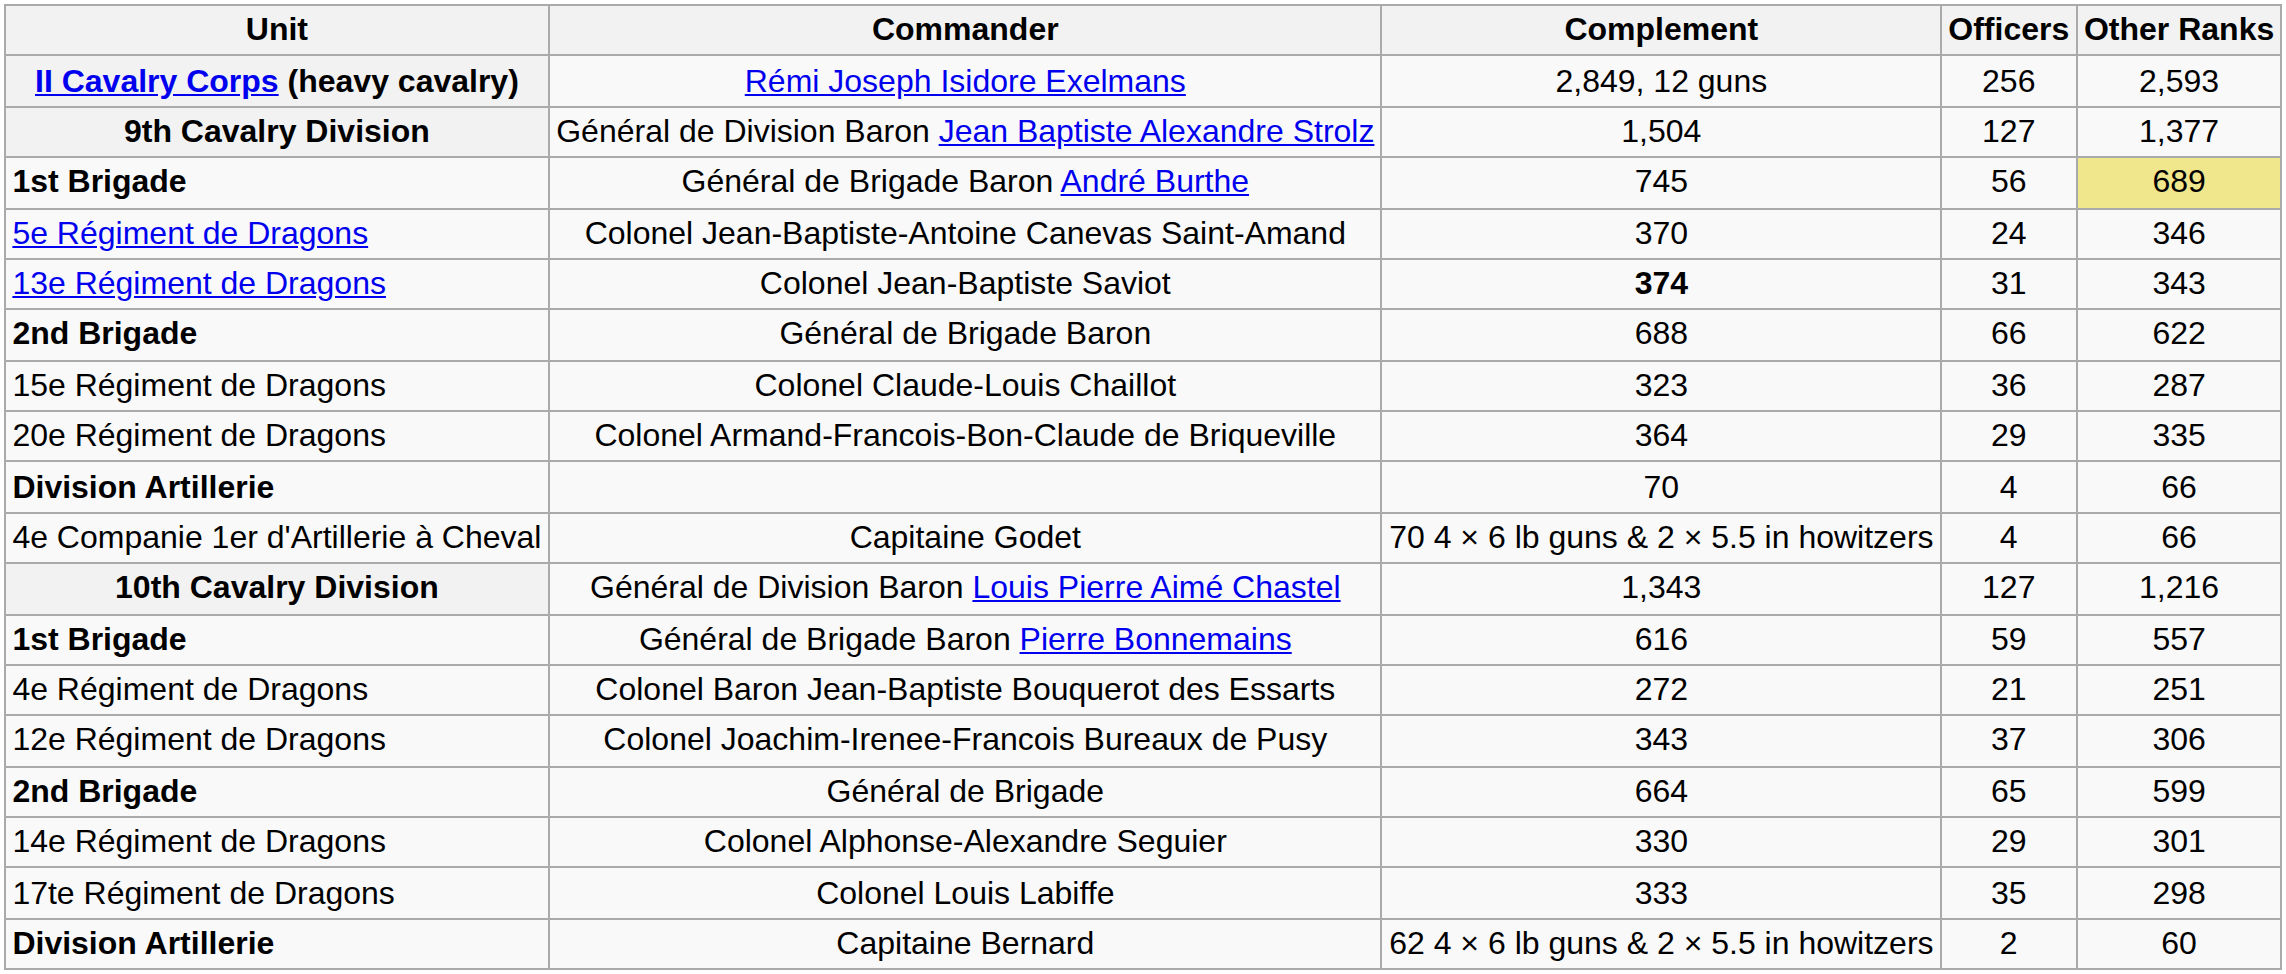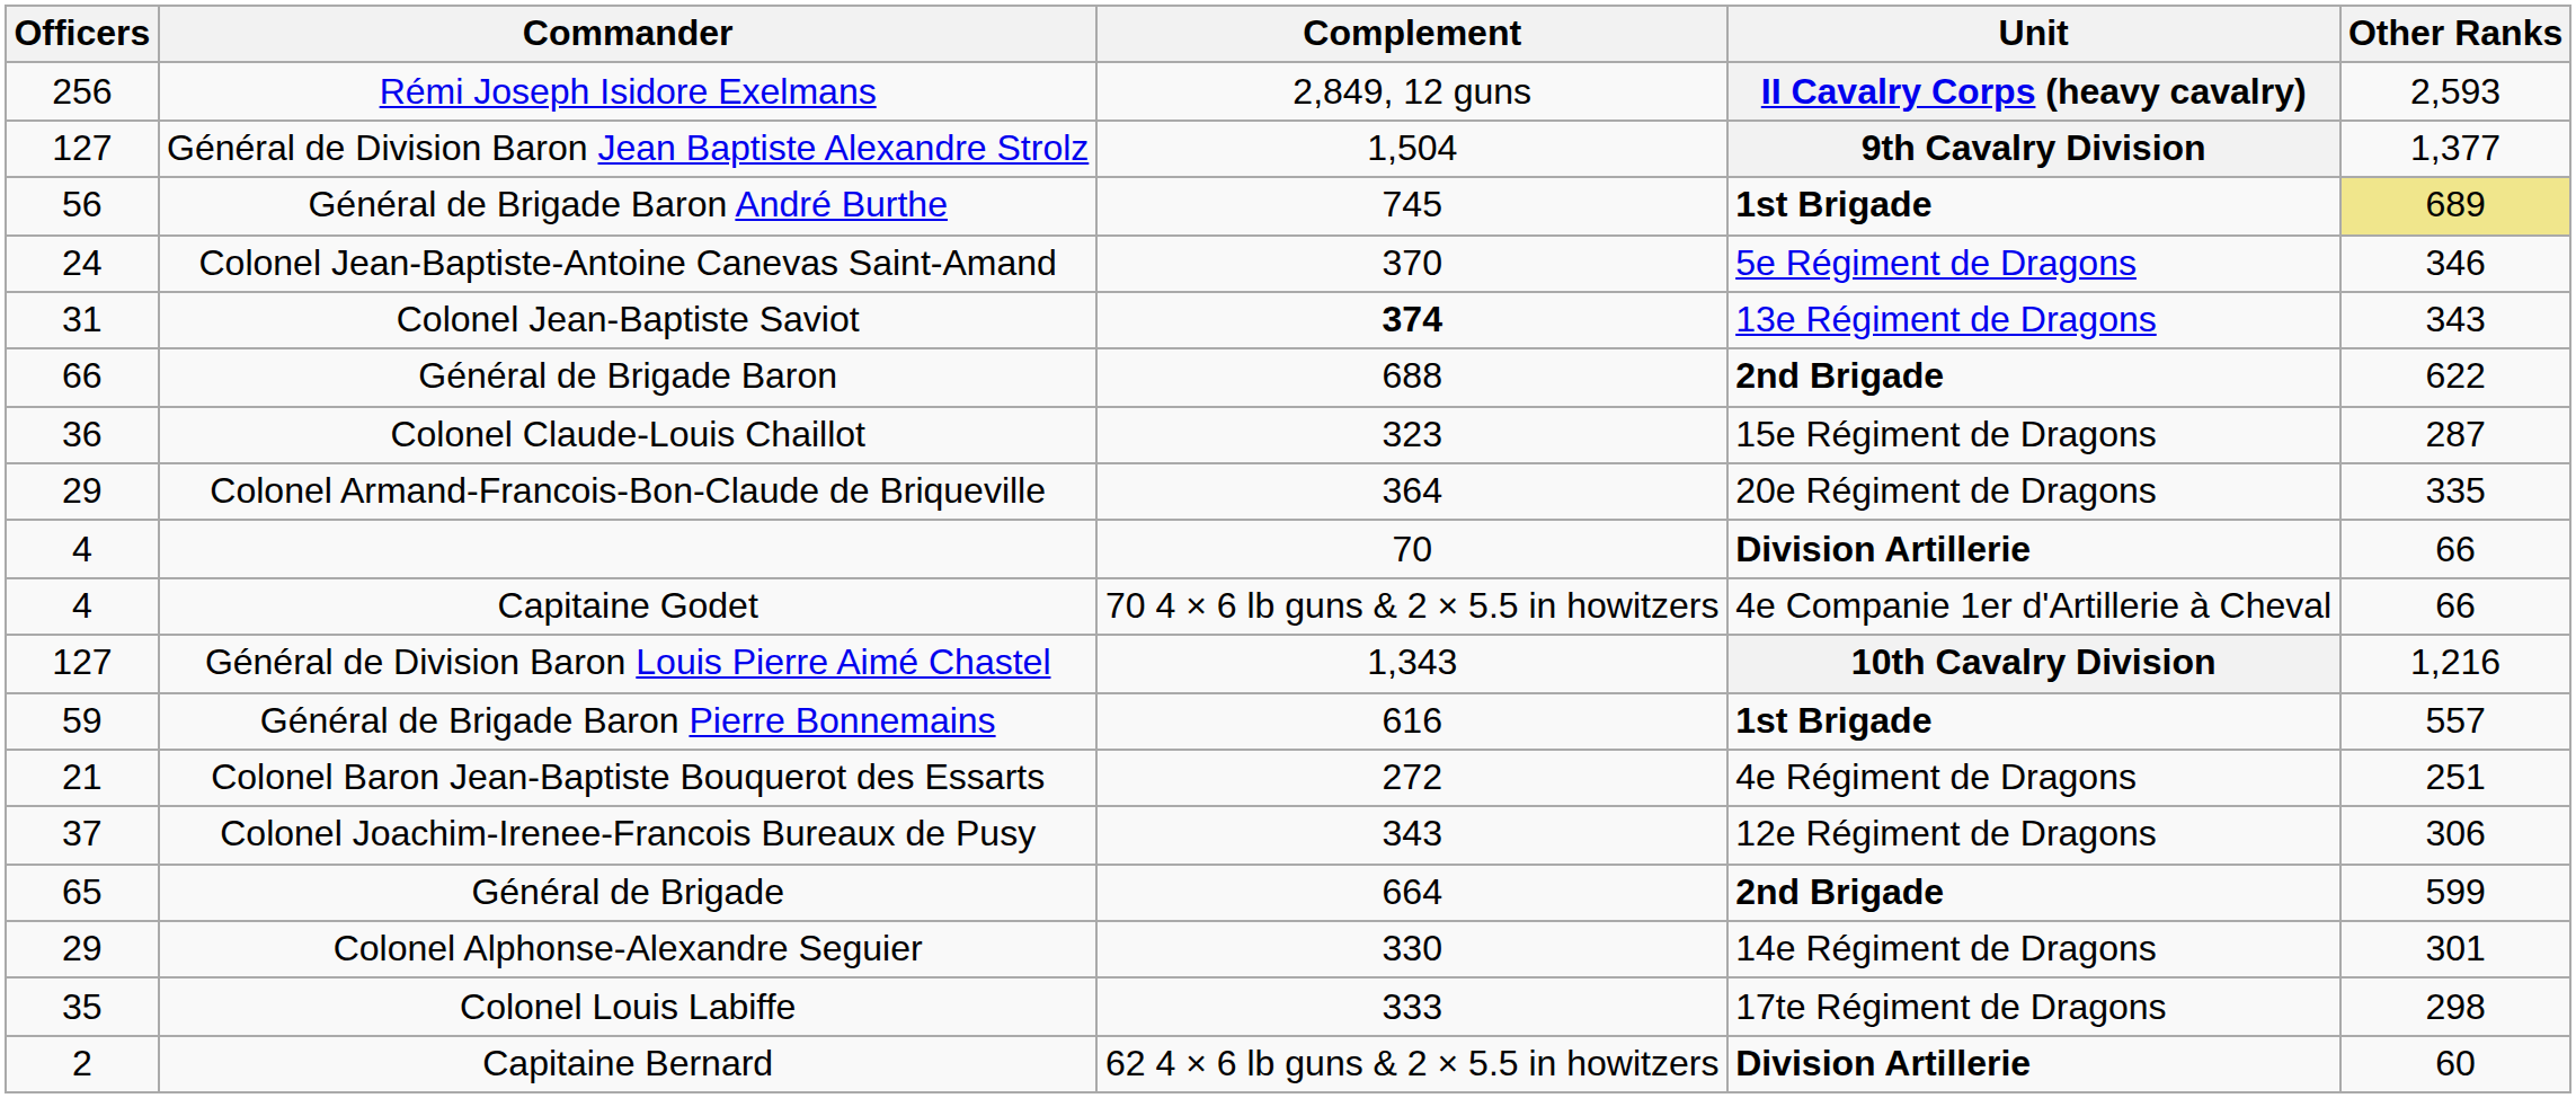 <table class="wikitable">
 <tr>
-<th>Unit</th>
+<th>Officers</th>
 <th>Commander</th>
 <th>Complement</th>
-<th>Officers</th>
+<th>Unit</th>
 <th>Other Ranks</th>
 </tr>
 <tr>
-<th colspan="1" bgcolor="#f9f9f9;"><a href='#'>II Cavalry Corps</a> (heavy cavalry)</th>
+<td align="center">256</td>
 <td align="center"><a href='#'>Rémi Joseph Isidore Exelmans</a></td>
 <td align="center">2,849, 12 guns</td>
-<td align="center">256</td>
+<th colspan="1" bgcolor="#f9f9f9;"><a href='#'>II Cavalry Corps</a> (heavy cavalry)</th>
 <td align="center">2,593</td>
 </tr>
 <tr>
-<th colspan="1" bgcolor="#f9f9f9;">9th Cavalry Division</th>
+<td align="center">127</td>
 <td align="center">Général de Division Baron <a href='#'>Jean Baptiste Alexandre Strolz</a></td>
 <td align="center">1,504</td>
-<td align="center">127</td>
+<th colspan="1" bgcolor="#f9f9f9;">9th Cavalry Division</th>
 <td align="center">1,377</td>
 </tr>
 <tr>
-<td><strong>1st Brigade</strong></td>
+<td align="center">56</td>
 <td align="center">Général de Brigade Baron <a href='#'>André Burthe</a></td>
 <td align="center">745</td>
-<td align="center">56</td>
+<td><strong>1st Brigade</strong></td>
 <td align="center" style="background: khaki;">689</td>
 </tr>
 <tr>
-<td><a href='#'>5e Régiment de Dragons</a></td>
+<td align="center">24</td>
 <td align="center">Colonel Jean-Baptiste-Antoine Canevas Saint-Amand</td>
 <td align="center">370</td>
-<td align="center">24</td>
+<td><a href='#'>5e Régiment de Dragons</a></td>
 <td align="center">346</td>
 </tr>
 <tr>
-<td><a href='#'>13e Régiment de Dragons</a></td>
+<td align="center">31</td>
 <td align="center">Colonel Jean-Baptiste Saviot</td>
 <td align="center"><strong>374</strong></td>
-<td align="center">31</td>
+<td><a href='#'>13e Régiment de Dragons</a></td>
 <td align="center">343</td>
 </tr>
 <tr>
-<td><strong>2nd Brigade</strong></td>
+<td align="center">66</td>
 <td align="center">Général de Brigade Baron </td>
 <td align="center">688</td>
-<td align="center">66</td>
+<td><strong>2nd Brigade</strong></td>
 <td align="center">622</td>
 </tr>
 <tr>
-<td>15e Régiment de Dragons</td>
+<td align="center">36</td>
 <td align="center">Colonel Claude-Louis Chaillot</td>
 <td align="center">323</td>
-<td align="center">36</td>
+<td>15e Régiment de Dragons</td>
 <td align="center">287</td>
 </tr>
 <tr>
-<td>20e Régiment de Dragons</td>
+<td align="center">29</td>
 <td align="center">Colonel Armand-Francois-Bon-Claude de Briqueville</td>
 <td align="center">364</td>
-<td align="center">29</td>
+<td>20e Régiment de Dragons</td>
 <td align="center">335</td>
 </tr>
 <tr>
-<td><strong>Division Artillerie</strong></td>
+<td align="center">4</td>
 <td align="center"></td>
 <td align="center">70</td>
-<td align="center">4</td>
+<td><strong>Division Artillerie</strong></td>
 <td align="center">66</td>
 </tr>
 <tr>
-<td>4e Companie 1er d'Artillerie à Cheval</td>
+<td align="center">4</td>
 <td align="center">Capitaine Godet</td>
 <td align="center">70 4 × 6 lb guns & 2 × 5.5 in howitzers</td>
-<td align="center">4</td>
+<td>4e Companie 1er d'Artillerie à Cheval</td>
 <td align="center">66</td>
 </tr>
 <tr>
-<th colspan="1" bgcolor="#f9f9f9;">10th Cavalry Division</th>
+<td align="center">127</td>
 <td align="center">Général de Division Baron <a href='#'>Louis Pierre Aimé Chastel</a></td>
 <td align="center">1,343</td>
-<td align="center">127</td>
+<th colspan="1" bgcolor="#f9f9f9;">10th Cavalry Division</th>
 <td align="center">1,216</td>
 </tr>
 <tr>
-<td><strong>1st Brigade</strong></td>
+<td align="center">59</td>
 <td align="center">Général de Brigade Baron <a href='#'>Pierre Bonnemains</a></td>
 <td align="center">616</td>
-<td align="center">59</td>
+<td><strong>1st Brigade</strong></td>
 <td align="center">557</td>
 </tr>
 <tr>
-<td>4e Régiment de Dragons</td>
+<td align="center">21</td>
 <td align="center">Colonel Baron Jean-Baptiste Bouquerot des Essarts</td>
 <td align="center">272</td>
-<td align="center">21</td>
+<td>4e Régiment de Dragons</td>
 <td align="center">251</td>
 </tr>
 <tr>
-<td>12e Régiment de Dragons</td>
+<td align="center">37</td>
 <td align="center">Colonel Joachim-Irenee-Francois Bureaux de Pusy</td>
 <td align="center">343</td>
-<td align="center">37</td>
+<td>12e Régiment de Dragons</td>
 <td align="center">306</td>
 </tr>
 <tr>
-<td><strong>2nd Brigade</strong></td>
+<td align="center">65</td>
 <td align="center">Général de Brigade </td>
 <td align="center">664</td>
-<td align="center">65</td>
+<td><strong>2nd Brigade</strong></td>
 <td align="center">599</td>
 </tr>
 <tr>
-<td>14e Régiment de Dragons</td>
+<td align="center">29</td>
 <td align="center">Colonel Alphonse-Alexandre Seguier</td>
 <td align="center">330</td>
-<td align="center">29</td>
+<td>14e Régiment de Dragons</td>
 <td align="center">301</td>
 </tr>
 <tr>
-<td>17te Régiment de Dragons</td>
+<td align="center">35</td>
 <td align="center">Colonel Louis Labiffe</td>
 <td align="center">333</td>
-<td align="center">35</td>
+<td>17te Régiment de Dragons</td>
 <td align="center">298</td>
 </tr>
 <tr>
-<td><strong>Division Artillerie</strong></td>
+<td align="center">2</td>
 <td align="center">Capitaine Bernard</td>
 <td align="center">62 4 × 6 lb guns & 2 × 5.5 in howitzers</td>
-<td align="center">2</td>
+<td><strong>Division Artillerie</strong></td>
 <td align="center">60</td>
 </tr>
 </table>
